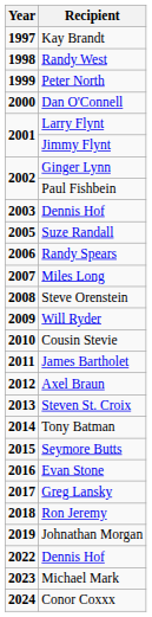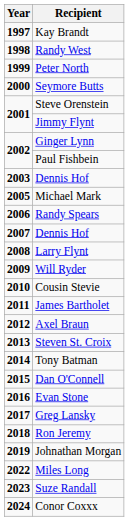 <table class="wikitable">
 <tr>
 <th>Year</th>
 <th>Recipient</th>
 </tr>
 <tr>
 <td><strong>1997</strong></td>
 <td>Kay Brandt</td>
 </tr>
 <tr>
 <td><strong>1998</strong></td>
 <td><a href='#'>Randy West</a></td>
 </tr>
 <tr>
 <td><strong>1999</strong></td>
 <td><a href='#'>Peter North</a></td>
 </tr>
 <tr>
 <td><strong>2000</strong></td>
-<td><a href='#'>Dan O'Connell</a></td>
+<td><a href='#'>Seymore Butts</a></td>
 </tr>
 <tr>
 <td rowspan="2"><strong>2001</strong></td>
-<td><a href='#'>Larry Flynt</a></td>
+<td>Steve Orenstein</td>
 </tr>
 <tr>
 <td><a href='#'>Jimmy Flynt</a></td>
 </tr>
 <tr>
 <td rowspan="2"><strong>2002</strong></td>
 <td><a href='#'>Ginger Lynn</a></td>
 </tr>
 <tr>
 <td>Paul Fishbein</td>
 </tr>
 <tr>
 <td><strong>2003</strong></td>
 <td><a href='#'>Dennis Hof</a></td>
 </tr>
 <tr>
 <td><strong>2005</strong></td>
-<td><a href='#'>Suze Randall</a></td>
+<td>Michael Mark</td>
 </tr>
 <tr>
 <td><strong>2006</strong></td>
 <td><a href='#'>Randy Spears</a></td>
 </tr>
 <tr>
 <td><strong>2007</strong></td>
-<td><a href='#'>Miles Long</a></td>
+<td><a href='#'>Dennis Hof</a></td>
 </tr>
 <tr>
 <td><strong>2008</strong></td>
-<td>Steve Orenstein</td>
+<td><a href='#'>Larry Flynt</a></td>
 </tr>
 <tr>
 <td><strong>2009</strong></td>
 <td><a href='#'>Will Ryder</a></td>
 </tr>
 <tr>
 <td><strong>2010</strong></td>
 <td>Cousin Stevie</td>
 </tr>
 <tr>
 <td><strong>2011</strong></td>
 <td><a href='#'>James Bartholet</a></td>
 </tr>
 <tr>
 <td><strong>2012</strong></td>
 <td><a href='#'>Axel Braun</a></td>
 </tr>
 <tr>
 <td><strong>2013</strong></td>
 <td><a href='#'>Steven St. Croix</a></td>
 </tr>
 <tr>
 <td><strong>2014</strong></td>
 <td>Tony Batman</td>
 </tr>
 <tr>
 <td><strong>2015</strong></td>
-<td><a href='#'>Seymore Butts</a></td>
+<td><a href='#'>Dan O'Connell</a></td>
 </tr>
 <tr>
 <td><strong>2016</strong></td>
 <td><a href='#'>Evan Stone</a></td>
 </tr>
 <tr>
 <td><strong>2017</strong></td>
 <td><a href='#'>Greg Lansky</a></td>
 </tr>
 <tr>
 <td><strong>2018</strong></td>
 <td><a href='#'>Ron Jeremy</a></td>
 </tr>
 <tr>
 <td><strong>2019</strong></td>
 <td>Johnathan Morgan</td>
 </tr>
 <tr>
 <td><strong>2022</strong></td>
-<td><a href='#'>Dennis Hof</a></td>
+<td><a href='#'>Miles Long</a></td>
 </tr>
 <tr>
 <td><strong>2023</strong></td>
-<td>Michael Mark</td>
+<td><a href='#'>Suze Randall</a></td>
 </tr>
 <tr>
 <td><strong>2024</strong></td>
 <td>Conor Coxxx</td>
 </tr>
 </table>
